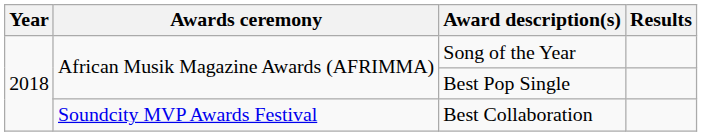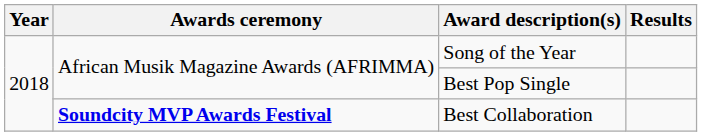 <table class="wikitable sortable">
 <tr>
 <th>Year</th>
 <th>Awards ceremony</th>
 <th>Award description(s)</th>
 <th>Results</th>
 </tr>
 <tr>
 <td rowspan="3">2018</td>
 <td rowspan="2">African Musik Magazine Awards (AFRIMMA)</td>
 <td>Song of the Year</td>
 <td></td>
 </tr>
 <tr>
 <td>Best Pop Single</td>
 <td></td>
 </tr>
 <tr>
-<td><a href='#'>Soundcity MVP Awards Festival</a></td>
+<td><strong><a href='#'>Soundcity MVP Awards Festival</a></strong></td>
 <td>Best Collaboration</td>
 <td></td>
 </tr>
 </table>
